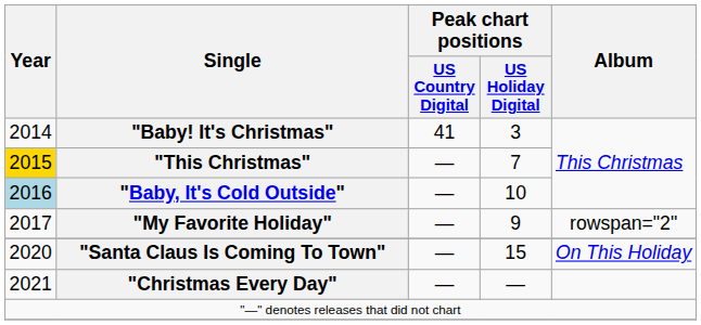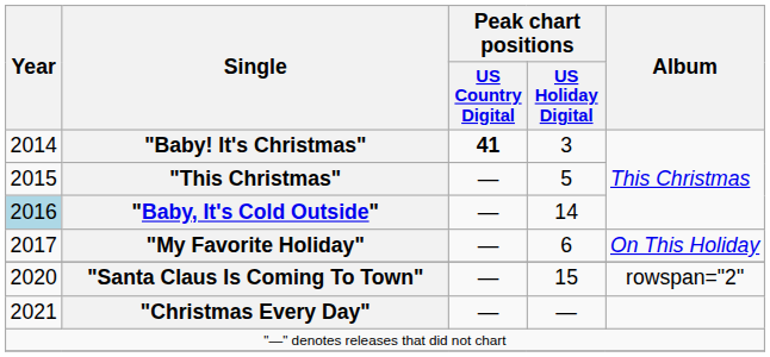 <table class="wikitable plainrowheaders" style="text-align:center;">
 <tr>
 <th rowspan="2">Year</th>
 <th rowspan="2" style="width:18em;">Single</th>
 <th colspan="2">Peak chart positions</th>
 <th rowspan="2">Album</th>
 </tr>
 <tr style="font-size:smaller;">
 <th style="width:4em;"><a href='#'>US Country Digital</a><br></th>
 <th style="width:4em;"><a href='#'>US Holiday Digital</a><br></th>
 </tr>
 <tr>
 <td>2014</td>
 <th scope="row">"Baby! It's Christmas"</th>
-<td>41</td>
+<td><strong>41</strong></td>
 <td>3</td>
 <td rowspan="3" style="text-align:left;"><em><a href='#'>This Christmas</a></em></td>
 </tr>
 <tr>
-<td style="background: gold;">2015</td>
+<td>2015</td>
 <th scope="row">"This Christmas"</th>
 <td>—</td>
-<td>7</td>
+<td>5</td>
 </tr>
 <tr>
 <td style="background: lightblue;">2016</td>
 <th scope="row">"<a href='#'>Baby, It's Cold Outside</a>" <br> </th>
 <td>—</td>
-<td>10</td>
+<td>14</td>
 </tr>
 <tr>
 <td>2017</td>
 <th scope="row">"My Favorite Holiday"</th>
 <td>—</td>
-<td>9</td>
-<td>rowspan="2" </td>
+<td>6</td>
+<td style="text-align:left;"><em><a href='#'>On This Holiday</a></em></td>
 </tr>
 <tr>
 </tr>
 <tr>
 <td>2020</td>
 <th scope="row">"Santa Claus Is Coming To Town"</th>
 <td>—</td>
 <td>15</td>
-<td style="text-align:left;"><em><a href='#'>On This Holiday</a></em></td>
+<td>rowspan="2" </td>
 </tr>
 <tr>
 <td>2021</td>
 <th scope="row">"Christmas Every Day"</th>
 <td>—</td>
 <td>—</td>
 </tr>
 <tr>
 <td colspan="6" style="font-size:8pt">"—" denotes releases that did not chart</td>
 </tr>
 <tr>
 </tr>
 </table>
